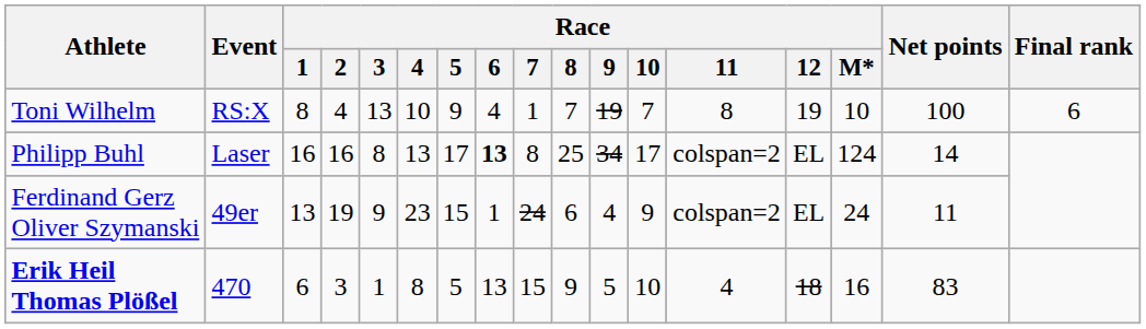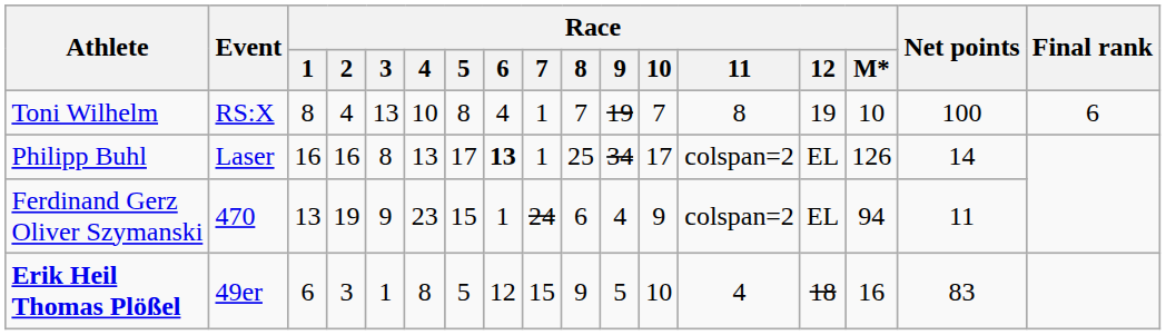 <table class="wikitable" style="font-size:90%">
 <tr>
 <th rowspan="2">Athlete</th>
 <th rowspan="2">Event</th>
 <th colspan=13>Race</th>
 <th rowspan=2>Net points</th>
 <th rowspan=2>Final rank</th>
 </tr>
 <tr style="font-size:95%">
 <th>1</th>
 <th>2</th>
 <th>3</th>
 <th>4</th>
 <th>5</th>
 <th>6</th>
 <th>7</th>
 <th>8</th>
 <th>9</th>
 <th>10</th>
 <th>11</th>
 <th>12</th>
 <th>M*</th>
 </tr>
 <tr align=center>
 <td align=left><a href='#'>Toni Wilhelm</a></td>
 <td align=left><a href='#'>RS:X</a></td>
 <td>8</td>
 <td>4</td>
 <td>13</td>
 <td>10</td>
-<td>9</td>
+<td>8</td>
 <td>4</td>
 <td>1</td>
 <td>7</td>
 <td><s>19</s></td>
 <td>7</td>
 <td>8</td>
 <td>19</td>
 <td>10</td>
 <td>100</td>
 <td>6</td>
 </tr>
 <tr align=center>
 <td align=left><a href='#'>Philipp Buhl</a></td>
 <td align=left><a href='#'>Laser</a></td>
 <td>16</td>
 <td>16</td>
 <td>8</td>
 <td>13</td>
 <td>17</td>
 <td><strong>13</strong></td>
-<td>8</td>
+<td>1</td>
 <td>25</td>
 <td><s>34</s></td>
 <td>17</td>
 <td>colspan=2 </td>
 <td>EL</td>
-<td>124</td>
+<td>126</td>
 <td>14</td>
 </tr>
 <tr align=center>
 <td align=left><a href='#'>Ferdinand Gerz</a><br><a href='#'>Oliver Szymanski</a></td>
-<td align=left><a href='#'>49er</a></td>
+<td align=left><a href='#'>470</a></td>
 <td>13</td>
 <td>19</td>
 <td>9</td>
 <td>23</td>
 <td>15</td>
 <td>1</td>
 <td><s>24</s></td>
 <td>6</td>
 <td>4</td>
 <td>9</td>
 <td>colspan=2 </td>
 <td>EL</td>
-<td>24</td>
+<td>94</td>
 <td>11</td>
 </tr>
 <tr align=center>
 <td align=left><strong><a href='#'>Erik Heil</a><br><a href='#'>Thomas Plößel</a></strong></td>
-<td align=left><a href='#'>470</a></td>
+<td align=left><a href='#'>49er</a></td>
 <td>6</td>
 <td>3</td>
 <td>1</td>
 <td>8</td>
 <td>5</td>
-<td>13</td>
+<td>12</td>
 <td>15</td>
 <td>9</td>
 <td>5</td>
 <td>10</td>
 <td>4</td>
 <td><s>18</s></td>
 <td>16</td>
 <td>83</td>
 <td></td>
 </tr>
 </table>
